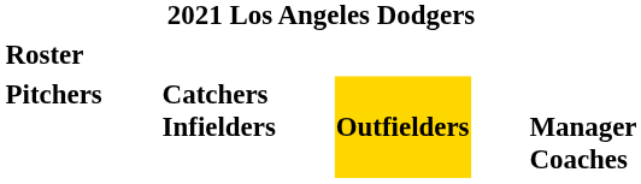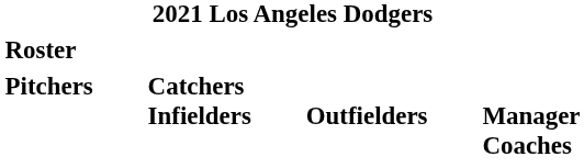 <table class="toccolours" style="font-size: 95%;">
 <tr>
 <th colspan="10">2021 Los Angeles Dodgers</th>
 </tr>
 <tr>
 <td colspan="10"><strong>Roster</strong></td>
 </tr>
 <tr>
 <td valign="top"><strong>Pitchers</strong><br>                                    </td>
 <td width="25px"></td>
 <td valign="top"><strong>Catchers</strong><br>   <strong>Infielders</strong>         </td>
 <td width="25px"></td>
-<td valign="top" style="background: gold;"><br><strong>Outfielders</strong>            </td>
+<td valign="top"><br><strong>Outfielders</strong>            </td>
 <td width="25px"></td>
 <td valign="top"><br><strong>Manager</strong> <br><strong>Coaches</strong>                      </td>
 </tr>
 </table>
